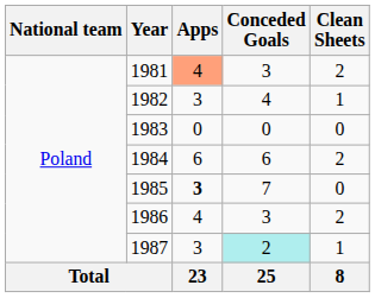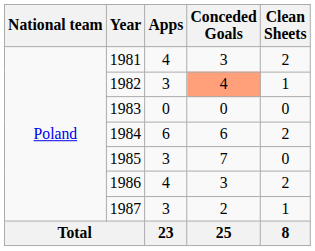 <table class="wikitable" style="text-align:center">
 <tr>
 <th>National team</th>
 <th>Year</th>
 <th>Apps</th>
 <th>Conceded<br>Goals</th>
 <th>Clean<br>Sheets</th>
 </tr>
 <tr>
 <td rowspan="7" style="vertical-align:center;"><a href='#'>Poland</a></td>
 <td>1981</td>
-<td style="background: lightsalmon;">4</td>
+<td>4</td>
 <td>3</td>
 <td>2</td>
 </tr>
 <tr>
 <td>1982</td>
 <td>3</td>
-<td>4</td>
+<td style="background: lightsalmon;">4</td>
 <td>1</td>
 </tr>
 <tr>
 <td>1983</td>
 <td>0</td>
 <td>0</td>
 <td>0</td>
 </tr>
 <tr>
 <td>1984</td>
 <td>6</td>
 <td>6</td>
 <td>2</td>
 </tr>
 <tr>
 <td>1985</td>
-<td><strong>3</strong></td>
+<td>3</td>
 <td>7</td>
 <td>0</td>
 </tr>
 <tr>
 <td>1986</td>
 <td>4</td>
 <td>3</td>
 <td>2</td>
 </tr>
 <tr>
 <td>1987</td>
 <td>3</td>
-<td style="background: paleturquoise;">2</td>
+<td>2</td>
 <td>1</td>
 </tr>
 <tr>
 <th colspan="2">Total</th>
 <th>23</th>
 <th>25</th>
 <th>8</th>
 </tr>
 </table>
